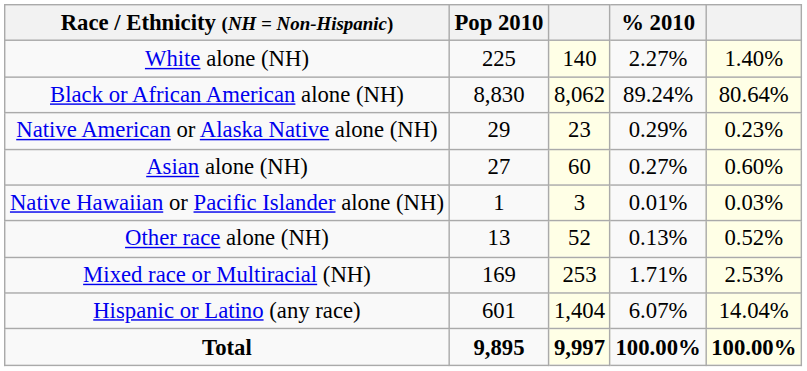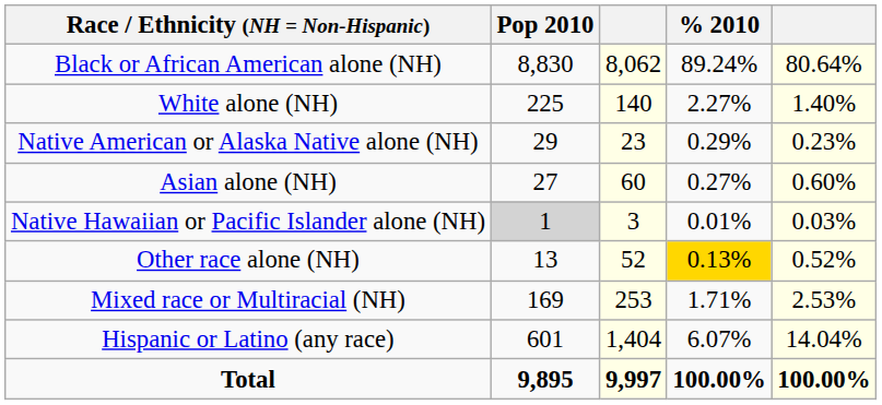 <table class="wikitable" style="text-align:center;">
 <tr>
 <th>Race / Ethnicity <small>(<em>NH = Non-Hispanic</em>)</small></th>
 <th>Pop 2010</th>
 <th></th>
 <th>% 2010</th>
 <th></th>
 </tr>
 <tr>
+<td><a href='#'>Black or African American</a> alone (NH)</td>
+<td>8,830</td>
+<td style='background: #ffffe6;'>8,062</td>
+<td>89.24%</td>
+<td style='background: #ffffe6;'>80.64%</td>
+</tr>
+<tr>
 <td><a href='#'>White</a> alone (NH)</td>
 <td>225</td>
 <td style='background: #ffffe6;'>140</td>
 <td>2.27%</td>
 <td style='background: #ffffe6;'>1.40%</td>
-</tr>
-<tr>
-<td><a href='#'>Black or African American</a> alone (NH)</td>
-<td>8,830</td>
-<td style='background: #ffffe6;'>8,062</td>
-<td>89.24%</td>
-<td style='background: #ffffe6;'>80.64%</td>
 </tr>
 <tr>
 <td><a href='#'>Native American</a> or <a href='#'>Alaska Native</a> alone (NH)</td>
 <td>29</td>
 <td style='background: #ffffe6;'>23</td>
 <td>0.29%</td>
 <td style='background: #ffffe6;'>0.23%</td>
 </tr>
 <tr>
 <td><a href='#'>Asian</a> alone (NH)</td>
 <td>27</td>
 <td style='background: #ffffe6;'>60</td>
 <td>0.27%</td>
 <td style='background: #ffffe6;'>0.60%</td>
 </tr>
 <tr>
 <td><a href='#'>Native Hawaiian</a> or <a href='#'>Pacific Islander</a> alone (NH)</td>
-<td>1</td>
+<td style="background: lightgrey;">1</td>
 <td style='background: #ffffe6;'>3</td>
 <td>0.01%</td>
 <td style='background: #ffffe6;'>0.03%</td>
 </tr>
 <tr>
 <td><a href='#'>Other race</a> alone (NH)</td>
 <td>13</td>
 <td style='background: #ffffe6;'>52</td>
-<td>0.13%</td>
+<td style="background: gold;">0.13%</td>
 <td style='background: #ffffe6;'>0.52%</td>
 </tr>
 <tr>
 <td><a href='#'>Mixed race or Multiracial</a> (NH)</td>
 <td>169</td>
 <td style='background: #ffffe6;'>253</td>
 <td>1.71%</td>
 <td style='background: #ffffe6;'>2.53%</td>
 </tr>
 <tr>
 <td><a href='#'>Hispanic or Latino</a> (any race)</td>
 <td>601</td>
 <td style='background: #ffffe6;'>1,404</td>
 <td>6.07%</td>
 <td style='background: #ffffe6;'>14.04%</td>
 </tr>
 <tr>
 <td><strong>Total</strong></td>
 <td><strong>9,895</strong></td>
 <td style='background: #ffffe6;'><strong>9,997</strong></td>
 <td><strong>100.00%</strong></td>
 <td style='background: #ffffe6;'><strong>100.00%</strong></td>
 </tr>
 </table>
